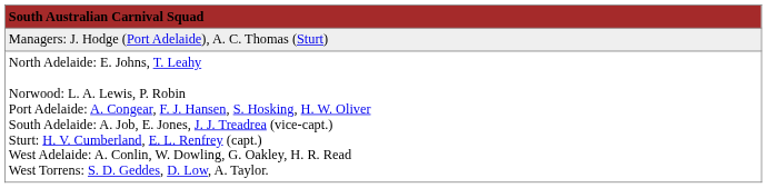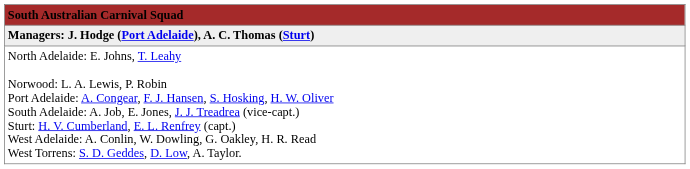 <table border="1" cellpadding="4" cellspacing="0" style="text-align:left; font-size:100%; border-collapse:collapse;" width=70%>
 <tr style="background:brown;">
 <th colspan=2><span>South Australian Carnival Squad</span></th>
 </tr>
 <tr bgcolor="#efefef">
-<td>Managers: J. Hodge (<a href='#'>Port Adelaide</a>), A. C. Thomas (<a href='#'>Sturt</a>)</td>
+<td><strong>Managers: J. Hodge (<a href='#'>Port Adelaide</a>), A. C. Thomas (<a href='#'>Sturt</a>)</strong></td>
 </tr>
 <tr>
 <td>North Adelaide: E. Johns, <a href='#'>T. Leahy</a><br><br>Norwood: L. A. Lewis, P. Robin<br> Port Adelaide: <a href='#'>A. Congear</a>, <a href='#'>F. J. Hansen</a>, <a href='#'>S. Hosking</a>, <a href='#'>H. W. Oliver</a><br> South Adelaide: A. Job, E. Jones, <a href='#'>J. J. Treadrea</a> (vice-capt.)<br> Sturt: <a href='#'>H. V. Cumberland</a>, <a href='#'>E. L. Renfrey</a> (capt.)<br> West Adelaide: A. Conlin, W. Dowling, G. Oakley, H. R. Read<br> West Torrens: <a href='#'>S. D. Geddes</a>, <a href='#'>D. Low</a>, A. Taylor. <br></td>
 </tr>
 </table>
